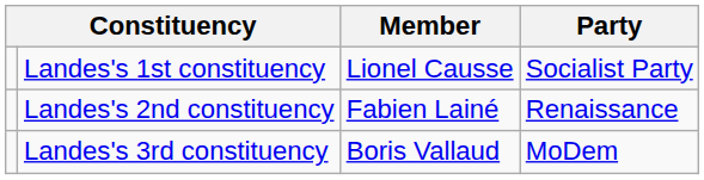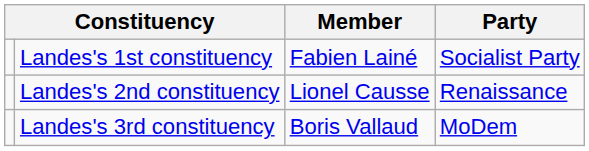 <table class="wikitable">
 <tr>
 <th colspan="2">Constituency</th>
 <th>Member</th>
 <th>Party</th>
 </tr>
 <tr>
 <td style="background-color: "></td>
 <td><a href='#'>Landes's 1st constituency</a></td>
-<td><a href='#'>Lionel Causse</a></td>
+<td><a href='#'>Fabien Lainé</a></td>
 <td><a href='#'>Socialist Party</a></td>
 </tr>
 <tr>
 <td style="background-color: "></td>
 <td><a href='#'>Landes's 2nd constituency</a></td>
-<td><a href='#'>Fabien Lainé</a></td>
+<td><a href='#'>Lionel Causse</a></td>
 <td><a href='#'>Renaissance</a></td>
 </tr>
 <tr>
 <td style="background-color: "></td>
 <td><a href='#'>Landes's 3rd constituency</a></td>
 <td><a href='#'>Boris Vallaud</a></td>
 <td><a href='#'>MoDem</a></td>
 </tr>
 </table>
